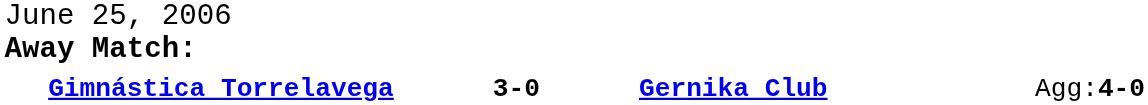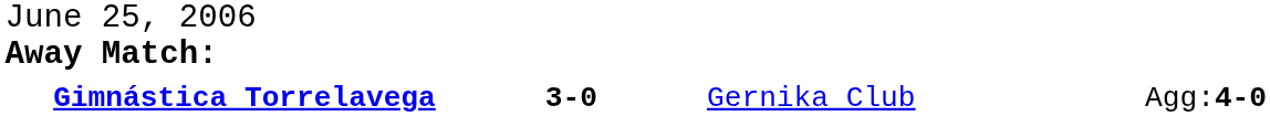 <table width=100% cellspacing=1>
 <tr>
 <th width=20%></th>
 <th width=12%></th>
 <th width=20%></th>
 <th></th>
 </tr>
 <tr>
 <td>June 25, 2006<br><strong>Away Match:</strong></td>
 </tr>
 <tr style=font-size:90%>
 <td align=right><strong><a href='#'>Gimnástica Torrelavega</a></strong></td>
 <td align=center><strong>3-0</strong></td>
-<td><strong><a href='#'>Gernika Club</a></strong></td>
+<td><a href='#'>Gernika Club</a></td>
 <td>Agg:<strong>4-0</strong></td>
 </tr>
 </table>
